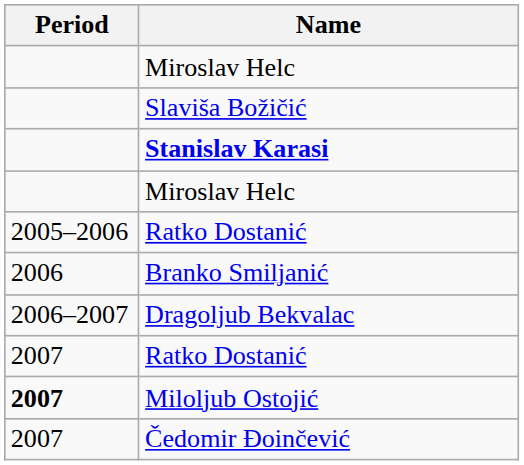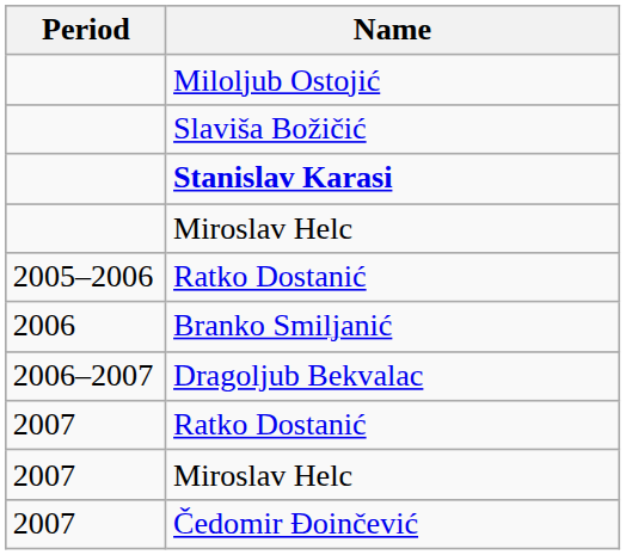 <table class="wikitable">
 <tr>
 <th width="75">Period</th>
 <th width="225">Name</th>
 </tr>
 <tr>
 <td></td>
-<td> Miroslav Helc</td>
+<td> <a href='#'>Miloljub Ostojić</a></td>
 </tr>
 <tr>
 <td></td>
 <td> <a href='#'>Slaviša Božičić</a></td>
 </tr>
 <tr>
 <td></td>
 <td><strong> <a href='#'>Stanislav Karasi</a></strong></td>
 </tr>
 <tr>
 <td></td>
 <td> Miroslav Helc</td>
 </tr>
 <tr>
 <td>2005–2006</td>
 <td> <a href='#'>Ratko Dostanić</a></td>
 </tr>
 <tr>
 <td>2006</td>
 <td> <a href='#'>Branko Smiljanić</a></td>
 </tr>
 <tr>
 <td>2006–2007</td>
 <td> <a href='#'>Dragoljub Bekvalac</a></td>
 </tr>
 <tr>
 <td>2007</td>
 <td> <a href='#'>Ratko Dostanić</a></td>
 </tr>
 <tr>
-<td><strong>2007</strong></td>
-<td> <a href='#'>Miloljub Ostojić</a></td>
+<td>2007</td>
+<td> Miroslav Helc</td>
 </tr>
 <tr>
 <td>2007</td>
 <td> <a href='#'>Čedomir Đoinčević</a></td>
 </tr>
 </table>
